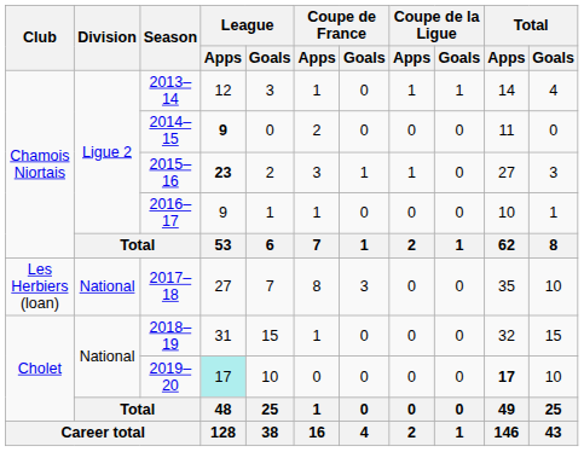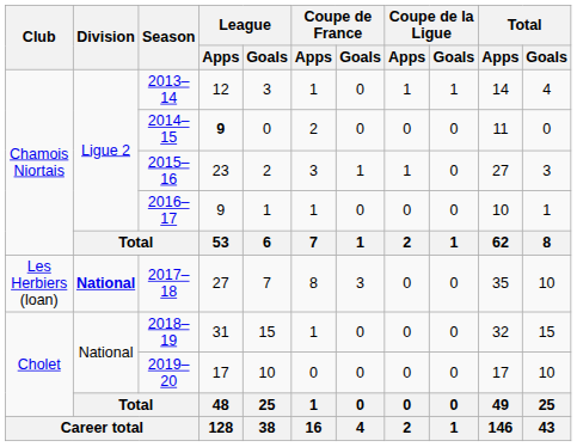 <table class="wikitable" style="text-align: center">
 <tr>
 <th rowspan="2">Club</th>
 <th rowspan="2">Division</th>
 <th rowspan="2">Season</th>
 <th colspan="2">League</th>
 <th colspan="2">Coupe de France</th>
 <th colspan="2">Coupe de la Ligue</th>
 <th colspan="2">Total</th>
 </tr>
 <tr>
 <th>Apps</th>
 <th>Goals</th>
 <th>Apps</th>
 <th>Goals</th>
 <th>Apps</th>
 <th>Goals</th>
 <th>Apps</th>
 <th>Goals</th>
 </tr>
 <tr>
 <td rowspan="5"><a href='#'>Chamois Niortais</a></td>
 <td rowspan="4"><a href='#'>Ligue 2</a></td>
 <td><a href='#'>2013–14</a></td>
 <td>12</td>
 <td>3</td>
 <td>1</td>
 <td>0</td>
 <td>1</td>
 <td>1</td>
 <td>14</td>
 <td>4</td>
 </tr>
 <tr>
 <td><a href='#'>2014–15</a></td>
 <td><strong>9</strong></td>
 <td>0</td>
 <td>2</td>
 <td>0</td>
 <td>0</td>
 <td>0</td>
 <td>11</td>
 <td>0</td>
 </tr>
 <tr>
 <td><a href='#'>2015–16</a></td>
-<td><strong>23</strong></td>
+<td>23</td>
 <td>2</td>
 <td>3</td>
 <td>1</td>
 <td>1</td>
 <td>0</td>
 <td>27</td>
 <td>3</td>
 </tr>
 <tr>
 <td><a href='#'>2016–17</a></td>
 <td>9</td>
 <td>1</td>
 <td>1</td>
 <td>0</td>
 <td>0</td>
 <td>0</td>
 <td>10</td>
 <td>1</td>
 </tr>
 <tr>
 <th colspan="2">Total</th>
 <th>53</th>
 <th>6</th>
 <th>7</th>
 <th>1</th>
 <th>2</th>
 <th>1</th>
 <th>62</th>
 <th>8</th>
 </tr>
 <tr>
 <td><a href='#'>Les Herbiers</a> (loan)</td>
-<td><a href='#'>National</a></td>
+<td><strong><a href='#'>National</a></strong></td>
 <td><a href='#'>2017–18</a></td>
 <td>27</td>
 <td>7</td>
 <td>8</td>
 <td>3</td>
 <td>0</td>
 <td>0</td>
 <td>35</td>
 <td>10</td>
 </tr>
 <tr>
 <td rowspan="3"><a href='#'>Cholet</a></td>
 <td rowspan="2">National</td>
 <td><a href='#'>2018–19</a></td>
 <td>31</td>
 <td>15</td>
 <td>1</td>
 <td>0</td>
 <td>0</td>
 <td>0</td>
 <td>32</td>
 <td>15</td>
 </tr>
 <tr>
 <td><a href='#'>2019–20</a></td>
-<td style="background: paleturquoise;">17</td>
+<td>17</td>
 <td>10</td>
 <td>0</td>
 <td>0</td>
 <td>0</td>
 <td>0</td>
-<td><strong>17</strong></td>
+<td>17</td>
 <td>10</td>
 </tr>
 <tr>
 <th colspan="2">Total</th>
 <th>48</th>
 <th>25</th>
 <th>1</th>
 <th>0</th>
 <th>0</th>
 <th>0</th>
 <th>49</th>
 <th>25</th>
 </tr>
 <tr>
 <th colspan="3">Career total</th>
 <th>128</th>
 <th>38</th>
 <th>16</th>
 <th>4</th>
 <th>2</th>
 <th>1</th>
 <th>146</th>
 <th>43</th>
 </tr>
 </table>
